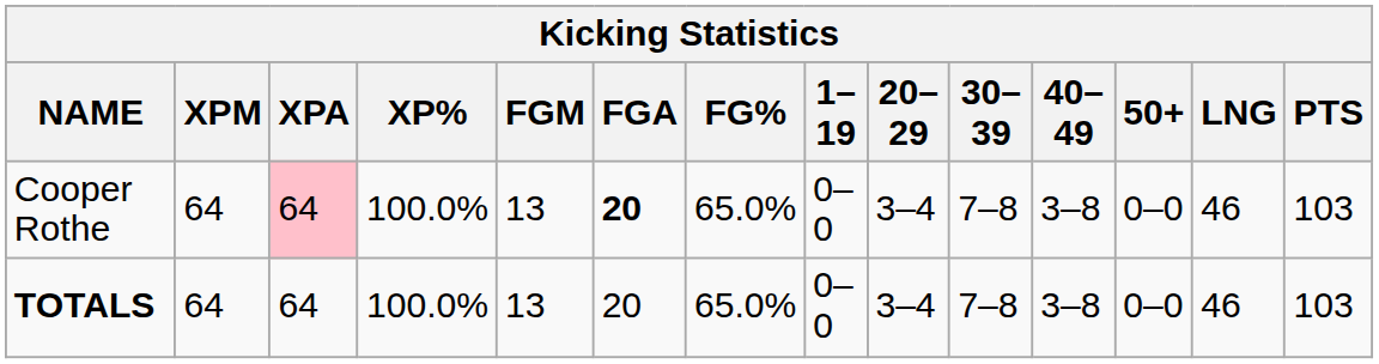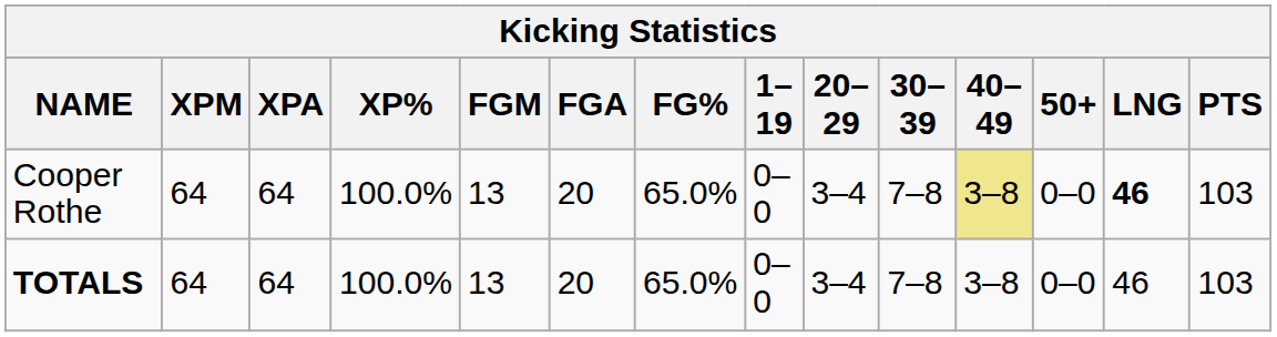 <table class="wikitable sortable collapsible collapsed">
 <tr>
 <th colspan="16">Kicking Statistics</th>
 </tr>
 <tr>
 <th>NAME</th>
 <th>XPM</th>
 <th>XPA</th>
 <th>XP%</th>
 <th>FGM</th>
 <th>FGA</th>
 <th>FG%</th>
 <th>1–19</th>
 <th>20–29</th>
 <th>30–39</th>
 <th>40–49</th>
 <th>50+</th>
 <th>LNG</th>
 <th>PTS</th>
 </tr>
 <tr>
 <td>Cooper Rothe</td>
 <td>64</td>
-<td style="background: pink;">64</td>
+<td>64</td>
 <td>100.0%</td>
 <td>13</td>
-<td><strong>20</strong></td>
+<td>20</td>
 <td>65.0%</td>
 <td>0–0</td>
 <td>3–4</td>
 <td>7–8</td>
-<td>3–8</td>
+<td style="background: khaki;">3–8</td>
 <td>0–0</td>
-<td>46</td>
+<td><strong>46</strong></td>
 <td>103</td>
 </tr>
 <tr>
 <td><strong>TOTALS</strong></td>
 <td>64</td>
 <td>64</td>
 <td>100.0%</td>
 <td>13</td>
 <td>20</td>
 <td>65.0%</td>
 <td>0–0</td>
 <td>3–4</td>
 <td>7–8</td>
 <td>3–8</td>
 <td>0–0</td>
 <td>46</td>
 <td>103</td>
 </tr>
 </table>
